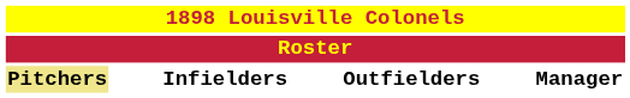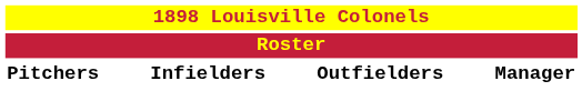 <table class="toccolours" style="font-size: 95%;">
 <tr>
 <th colspan="10" style="background-color: #FFFF00; color: #C41E3A; text-align: center;">1898 Louisville Colonels</th>
 </tr>
 <tr>
 <td colspan="10" style="background-color: #C41E3A; color: yellow; text-align: center;"><strong>Roster</strong></td>
 </tr>
 <tr>
-<td valign="top" style="background: khaki;"><strong>Pitchers</strong><br>           </td>
+<td valign="top"><strong>Pitchers</strong><br>           </td>
 <td width="25px"></td>
 <td valign="top"><strong>Infielders</strong><br>           </td>
 <td width="25px"></td>
 <td valign="top"><strong>Outfielders</strong><br>     </td>
 <td width="25px"></td>
 <td valign="top"><strong>Manager</strong><br></td>
 </tr>
 </table>
